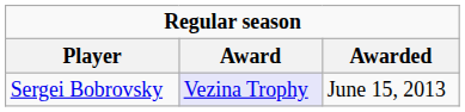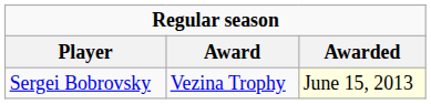 <table class="wikitable" width="55%">
 <tr>
 <td colspan="10" align="center"><strong>Regular season</strong></td>
 </tr>
 <tr>
 <th>Player</th>
 <th>Award</th>
 <th>Awarded</th>
 </tr>
 <tr>
 <td><a href='#'>Sergei Bobrovsky</a></td>
-<td style="background: lavender;"><a href='#'>Vezina Trophy</a></td>
-<td>June 15, 2013</td>
+<td><a href='#'>Vezina Trophy</a></td>
+<td style="background: lightyellow;">June 15, 2013</td>
 </tr>
 </table>
